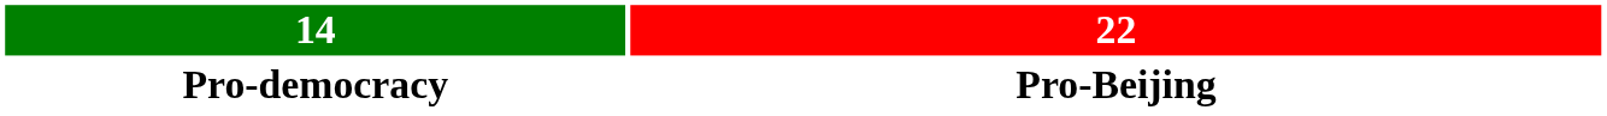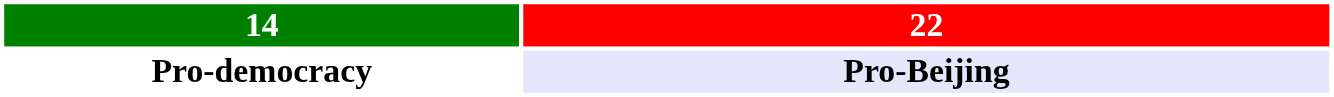 <table style="width:50%; text-align:center;">
 <tr style="color:white;">
 <td style="background:green; width:39%;"><strong>14</strong></td>
 <td style="background:red; width:61%;"><strong>22</strong></td>
 </tr>
 <tr>
 <td><span><strong>Pro-democracy</strong></span></td>
-<td><span><strong>Pro-Beijing</strong></span></td>
+<td style="background: lavender;"><span><strong>Pro-Beijing</strong></span></td>
 </tr>
 </table>
